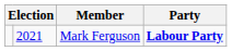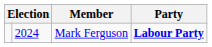 <table class="wikitable">
 <tr>
 <th colspan="2">Election</th>
 <th>Member</th>
 <th>Party</th>
 </tr>
 <tr>
 <td style="color:inherit;background-color: "></td>
-<td><a href='#'>2021</a></td>
+<td><a href='#'>2024</a></td>
 <td><a href='#'>Mark Ferguson</a></td>
 <td><strong><a href='#'>Labour Party</a></strong></td>
 </tr>
 </table>
